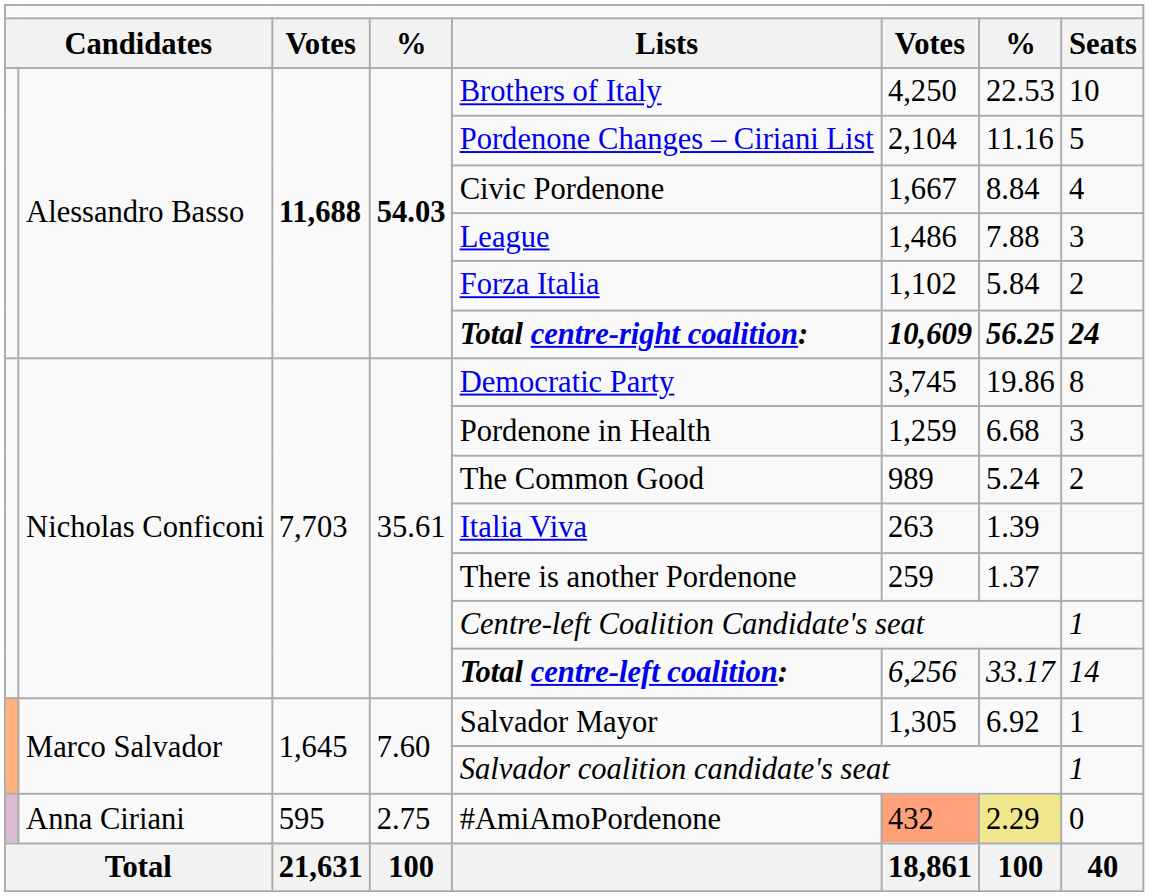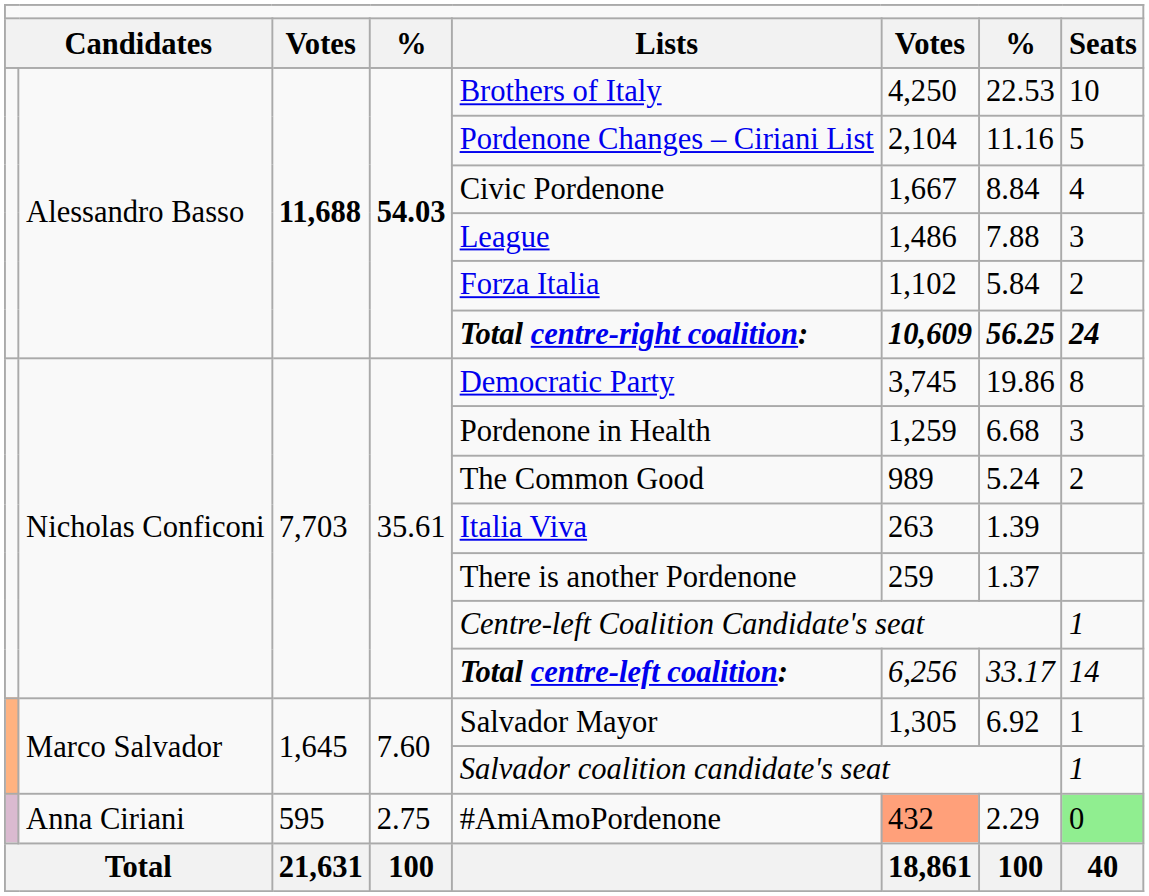 <table class="wikitable sortable">
 <tr>
 <td colspan="8"></td>
 </tr>
 <tr>
 <th colspan="2">Candidates</th>
 <th>Votes</th>
 <th>%</th>
 <th>Lists</th>
 <th>Votes</th>
 <th>%</th>
 <th>Seats</th>
 </tr>
 <tr>
 <td rowspan="6"></td>
 <td rowspan="6">Alessandro Basso </td>
 <td rowspan="6"><strong>11,688</strong></td>
 <td rowspan="6"><strong>54.03</strong></td>
 <td><a href='#'>Brothers of Italy</a></td>
 <td>4,250</td>
 <td>22.53</td>
 <td>10</td>
 </tr>
 <tr>
 <td><a href='#'>Pordenone Changes – Ciriani List</a></td>
 <td>2,104</td>
 <td>11.16</td>
 <td>5</td>
 </tr>
 <tr>
 <td>Civic Pordenone</td>
 <td>1,667</td>
 <td>8.84</td>
 <td>4</td>
 </tr>
 <tr>
 <td><a href='#'>League</a></td>
 <td>1,486</td>
 <td>7.88</td>
 <td>3</td>
 </tr>
 <tr>
 <td><a href='#'>Forza Italia</a></td>
 <td>1,102</td>
 <td>5.84</td>
 <td>2</td>
 </tr>
 <tr>
 <td><strong><em>Total <a href='#'>centre-right coalition</a>:</em></strong></td>
 <td><strong><em>10,609</em></strong></td>
 <td><strong><em>56.25</em></strong></td>
 <td><strong><em>24</em></strong></td>
 </tr>
 <tr>
 <td rowspan="7"></td>
 <td rowspan="7">Nicholas Conficoni</td>
 <td rowspan="7">7,703</td>
 <td rowspan="7">35.61</td>
 <td><a href='#'>Democratic Party</a></td>
 <td>3,745</td>
 <td>19.86</td>
 <td>8</td>
 </tr>
 <tr>
 <td>Pordenone in Health</td>
 <td>1,259</td>
 <td>6.68</td>
 <td>3</td>
 </tr>
 <tr>
 <td>The Common Good</td>
 <td>989</td>
 <td>5.24</td>
 <td>2</td>
 </tr>
 <tr>
 <td><a href='#'>Italia Viva</a></td>
 <td>263</td>
 <td>1.39</td>
 <td></td>
 </tr>
 <tr>
 <td>There is another Pordenone</td>
 <td>259</td>
 <td>1.37</td>
 <td></td>
 </tr>
 <tr>
 <td colspan="3"><em>Centre-left Coalition Candidate's seat</em></td>
 <td><em>1</em></td>
 </tr>
 <tr>
 <td><strong><em>Total <a href='#'>centre-left coalition</a>:</em></strong></td>
 <td><em>6,256</em></td>
 <td><em>33.17</em></td>
 <td><em>14</em></td>
 </tr>
 <tr>
 <td rowspan="2" bgcolor="#FFB280"></td>
 <td rowspan="2">Marco Salvador</td>
 <td rowspan="2">1,645</td>
 <td rowspan="2">7.60</td>
 <td>Salvador Mayor</td>
 <td>1,305</td>
 <td>6.92</td>
 <td>1</td>
 </tr>
 <tr>
 <td colspan="3"><em>Salvador coalition candidate's seat</em></td>
 <td><em>1</em></td>
 </tr>
 <tr>
 <td bgcolor="#DABAD0"></td>
 <td>Anna Ciriani</td>
 <td>595</td>
 <td>2.75</td>
 <td>#AmiAmoPordenone</td>
 <td style="background: lightsalmon;">432</td>
-<td style="background: khaki;">2.29</td>
-<td>0</td>
+<td>2.29</td>
+<td style="background: lightgreen;">0</td>
 </tr>
 <tr>
 <th colspan="2">Total</th>
 <th>21,631</th>
 <th>100</th>
 <th></th>
 <th>18,861</th>
 <th>100</th>
 <th>40</th>
 </tr>
 </table>
